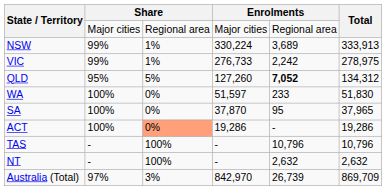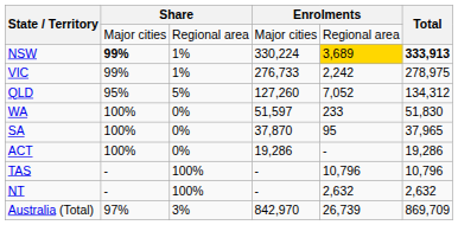 <table class="wikitable">
 <tr>
 <th rowspan="2">State / Territory</th>
 <th colspan="2">Share</th>
 <th colspan="2">Enrolments</th>
 <th rowspan="2">Total</th>
 </tr>
 <tr>
 <td>Major cities</td>
 <td>Regional area</td>
 <td>Major cities</td>
 <td>Regional area</td>
 </tr>
 <tr>
 <td><a href='#'>NSW</a></td>
-<td>99%</td>
+<td><strong>99%</strong></td>
 <td>1%</td>
 <td>330,224</td>
-<td>3,689</td>
-<td>333,913</td>
+<td style="background: gold;">3,689</td>
+<td><strong>333,913</strong></td>
 </tr>
 <tr>
 <td><a href='#'>VIC</a></td>
 <td>99%</td>
 <td>1%</td>
 <td>276,733</td>
 <td>2,242</td>
 <td>278,975</td>
 </tr>
 <tr>
 <td><a href='#'>QLD</a></td>
 <td>95%</td>
 <td>5%</td>
 <td>127,260</td>
-<td><strong>7,052</strong></td>
+<td>7,052</td>
 <td>134,312</td>
 </tr>
 <tr>
 <td><a href='#'>WA</a></td>
 <td>100%</td>
 <td>0%</td>
 <td>51,597</td>
 <td>233</td>
 <td>51,830</td>
 </tr>
 <tr>
 <td><a href='#'>SA</a></td>
 <td>100%</td>
 <td>0%</td>
 <td>37,870</td>
 <td>95</td>
 <td>37,965</td>
 </tr>
 <tr>
 <td><a href='#'>ACT</a></td>
 <td>100%</td>
-<td style="background: lightsalmon;">0%</td>
+<td>0%</td>
 <td>19,286</td>
 <td>-</td>
 <td>19,286</td>
 </tr>
 <tr>
 <td><a href='#'>TAS</a></td>
 <td>-</td>
 <td>100%</td>
 <td>-</td>
 <td>10,796</td>
 <td>10,796</td>
 </tr>
 <tr>
 <td><a href='#'>NT</a></td>
 <td>-</td>
 <td>100%</td>
 <td>-</td>
 <td>2,632</td>
 <td>2,632</td>
 </tr>
 <tr>
 <td><a href='#'>Australia</a> (Total)</td>
 <td>97%</td>
 <td>3%</td>
 <td>842,970</td>
 <td>26,739</td>
 <td>869,709</td>
 </tr>
 </table>
